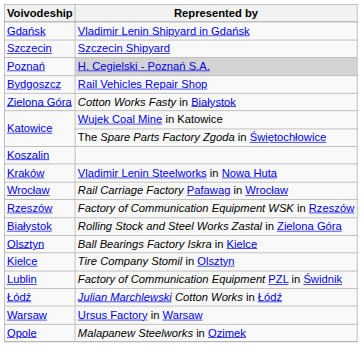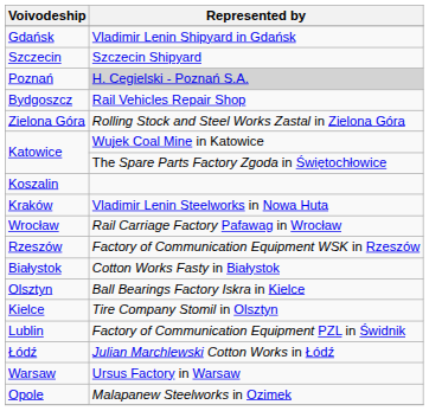 <table class="wikitable">
 <tr>
 <th>Voivodeship</th>
 <th>Represented by</th>
 </tr>
 <tr>
 </tr>
 <tr>
 <td><a href='#'>Gdańsk</a></td>
 <td><a href='#'>Vladimir Lenin Shipyard in Gdańsk</a></td>
 </tr>
 <tr>
 <td><a href='#'>Szczecin</a></td>
 <td><a href='#'>Szczecin Shipyard</a></td>
 </tr>
 <tr>
 <td><a href='#'>Poznań</a></td>
 <td style="background: lightgrey;"><a href='#'>H. Cegielski - Poznań S.A.</a></td>
 </tr>
 <tr>
 <td><a href='#'>Bydgoszcz</a></td>
 <td><a href='#'>Rail Vehicles Repair Shop</a></td>
 </tr>
 <tr>
 <td><a href='#'>Zielona Góra</a></td>
-<td><em>Cotton Works Fasty</em> in <a href='#'>Białystok</a></td>
+<td><em>Rolling Stock and Steel Works Zastal</em> in <a href='#'>Zielona Góra</a></td>
 </tr>
 <tr>
 <td rowspan="2"><a href='#'>Katowice</a></td>
 <td><a href='#'>Wujek Coal Mine</a> in Katowice</td>
 </tr>
 <tr>
 <td>The <em>Spare Parts Factory Zgoda</em> in <a href='#'>Świętochłowice</a></td>
 </tr>
 <tr>
 <td><a href='#'>Koszalin</a></td>
 <td></td>
 </tr>
 <tr>
 <td><a href='#'>Kraków</a></td>
 <td><a href='#'>Vladimir Lenin Steelworks</a> in <a href='#'>Nowa Huta</a></td>
 </tr>
 <tr>
 <td><a href='#'>Wrocław</a></td>
 <td><em>Rail Carriage Factory</em> <a href='#'>Pafawag</a> in <a href='#'>Wrocław</a></td>
 </tr>
 <tr>
 <td><a href='#'>Rzeszów</a></td>
 <td><em>Factory of Communication Equipment WSK</em> in <a href='#'>Rzeszów</a></td>
 </tr>
 <tr>
 <td><a href='#'>Białystok</a></td>
-<td><em>Rolling Stock and Steel Works Zastal</em> in <a href='#'>Zielona Góra</a></td>
+<td><em>Cotton Works Fasty</em> in <a href='#'>Białystok</a></td>
 </tr>
 <tr>
 <td><a href='#'>Olsztyn</a></td>
 <td><em>Ball Bearings Factory Iskra</em> in <a href='#'>Kielce</a></td>
 </tr>
 <tr>
 <td><a href='#'>Kielce</a></td>
 <td><em>Tire Company Stomil</em> in <a href='#'>Olsztyn</a></td>
 </tr>
 <tr>
 <td><a href='#'>Lublin</a></td>
 <td><em>Factory of Communication Equipment</em> <a href='#'>PZL</a> in <a href='#'>Świdnik</a></td>
 </tr>
 <tr>
 <td><a href='#'>Łódź</a></td>
 <td><em><a href='#'>Julian Marchlewski</a> Cotton Works</em> in <a href='#'>Łódź</a></td>
 </tr>
 <tr>
 <td><a href='#'>Warsaw</a></td>
 <td><a href='#'>Ursus Factory</a> in <a href='#'>Warsaw</a></td>
 </tr>
 <tr>
 <td><a href='#'>Opole</a></td>
 <td><em>Malapanew Steelworks</em> in <a href='#'>Ozimek</a></td>
 </tr>
 <tr>
 </tr>
 </table>
